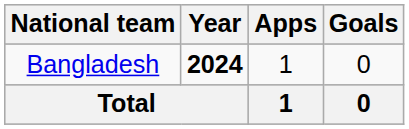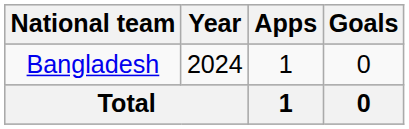 <table class="wikitable" style="text-align: center;">
 <tr>
 <th>National team</th>
 <th>Year</th>
 <th>Apps</th>
 <th>Goals</th>
 </tr>
 <tr>
 <td><a href='#'>Bangladesh</a></td>
-<td><strong>2024</strong></td>
+<td>2024</td>
 <td>1</td>
 <td>0</td>
 </tr>
 <tr>
 <th colspan="2">Total</th>
 <th>1</th>
 <th>0</th>
 </tr>
 </table>
